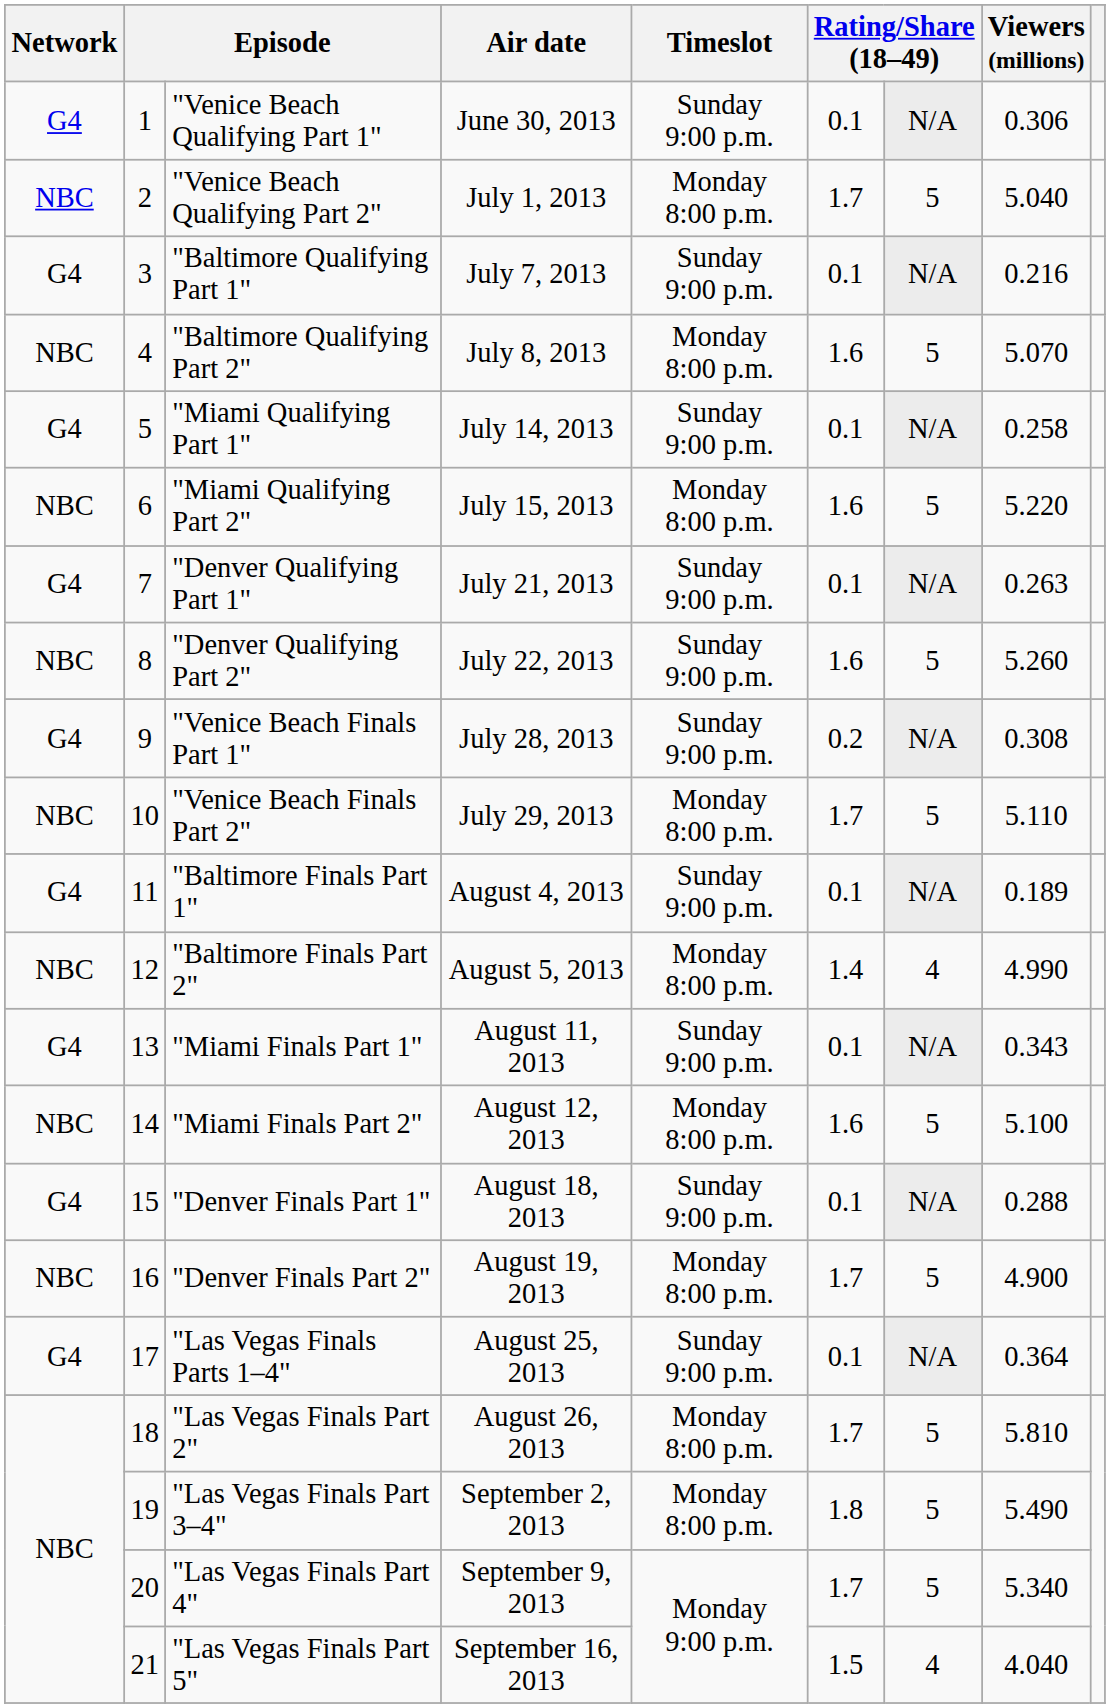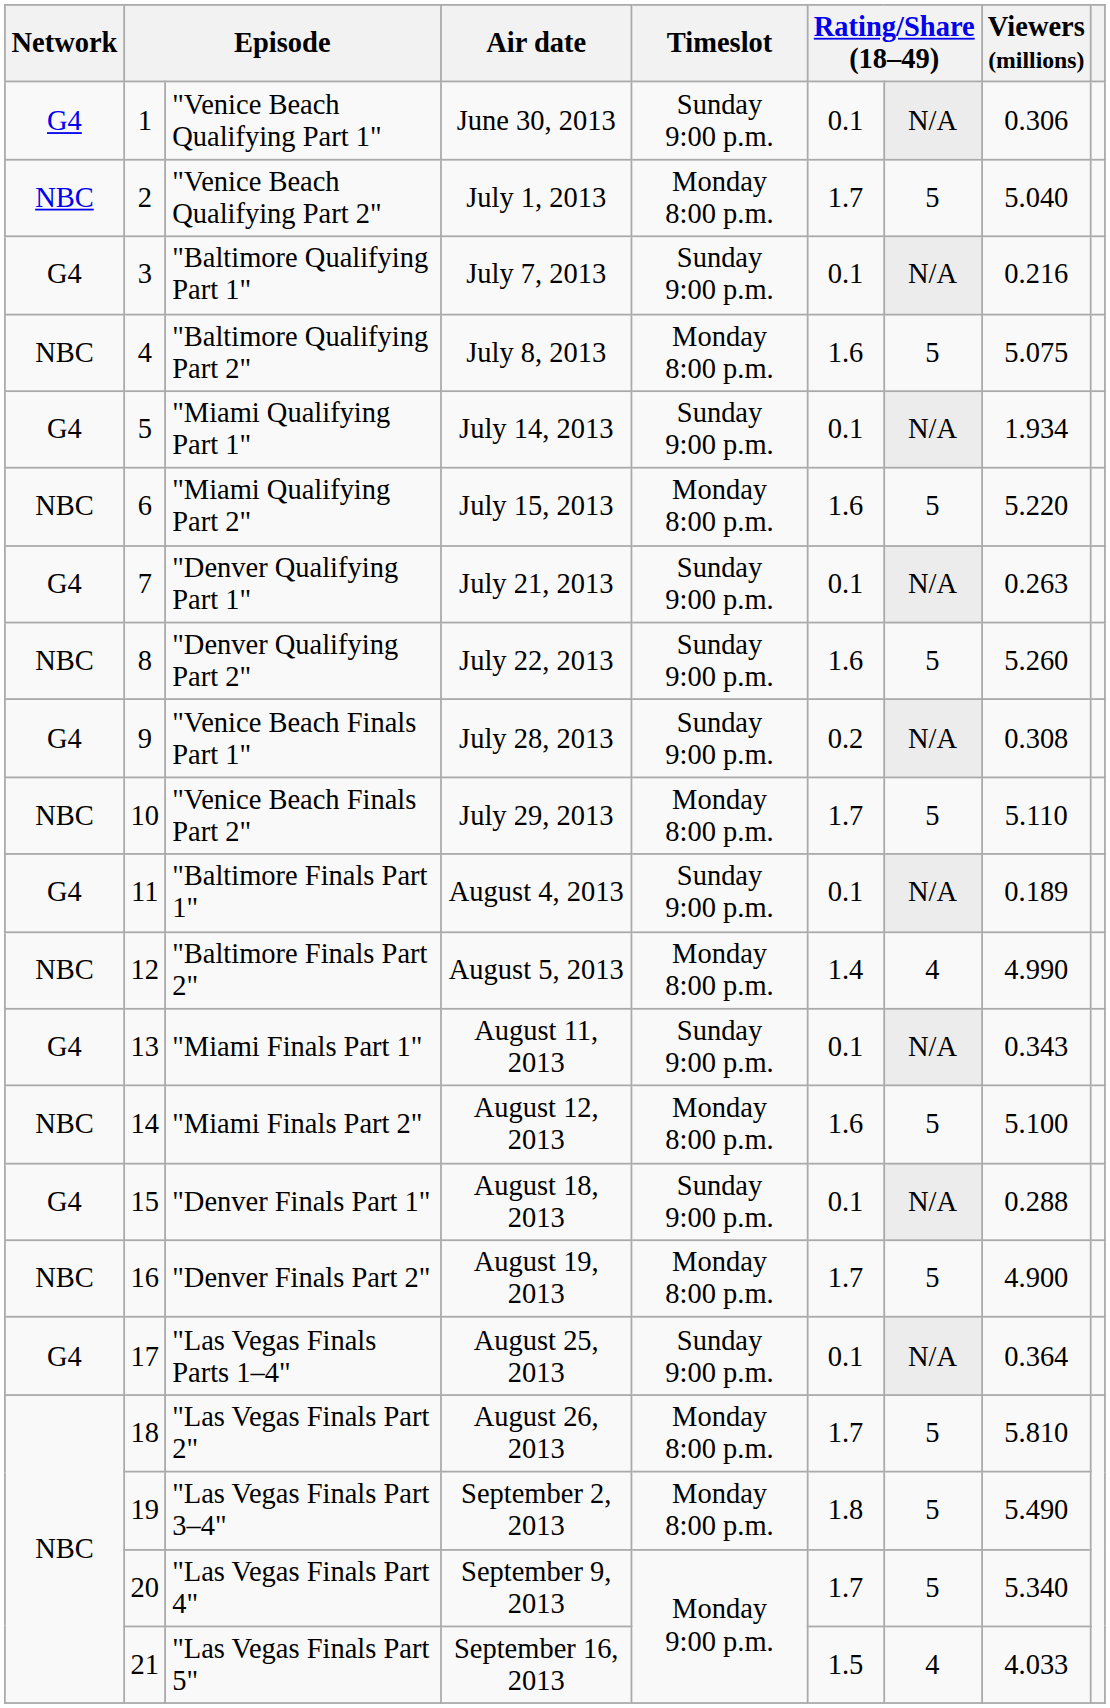 <table class="wikitable" style="text-align:center; width: 70%">
 <tr>
 <th>Network</th>
 <th colspan="2">Episode</th>
 <th>Air date</th>
 <th>Timeslot</th>
 <th colspan=2><a href='#'>Rating/Share</a><br>(18–49)</th>
 <th>Viewers<br><small>(millions)</small></th>
 <th></th>
 </tr>
 <tr>
 <td><a href='#'>G4</a></td>
 <td>1</td>
 <td style="text-align:left;">"Venice Beach Qualifying Part 1"</td>
 <td>June 30, 2013</td>
 <td>Sunday 9:00 p.m.</td>
 <td>0.1</td>
 <td style="background:#ECECEC;">N/A</td>
 <td>0.306</td>
 <td></td>
 </tr>
 <tr>
 <td><a href='#'>NBC</a></td>
 <td>2</td>
 <td style="text-align:left;">"Venice Beach Qualifying Part 2"</td>
 <td>July 1, 2013</td>
 <td>Monday 8:00 p.m.</td>
 <td>1.7</td>
 <td>5</td>
 <td>5.040</td>
 <td></td>
 </tr>
 <tr>
 <td>G4</td>
 <td>3</td>
 <td style="text-align:left;">"Baltimore Qualifying Part 1"</td>
 <td>July 7, 2013</td>
 <td>Sunday 9:00 p.m.</td>
 <td>0.1</td>
 <td style="background:#ECECEC;">N/A</td>
 <td>0.216</td>
 <td></td>
 </tr>
 <tr>
 <td>NBC</td>
 <td>4</td>
 <td style="text-align:left;">"Baltimore Qualifying Part 2"</td>
 <td>July 8, 2013</td>
 <td>Monday 8:00 p.m.</td>
 <td>1.6</td>
 <td>5</td>
-<td>5.070</td>
+<td>5.075</td>
 <td></td>
 </tr>
 <tr>
 <td>G4</td>
 <td>5</td>
 <td style="text-align:left;">"Miami Qualifying Part 1"</td>
 <td>July 14, 2013</td>
 <td>Sunday 9:00 p.m.</td>
 <td>0.1</td>
 <td style="background:#ECECEC;">N/A</td>
-<td>0.258</td>
+<td>1.934</td>
 <td></td>
 </tr>
 <tr>
 <td>NBC</td>
 <td>6</td>
 <td style="text-align:left;">"Miami Qualifying Part 2"</td>
 <td>July 15, 2013</td>
 <td>Monday 8:00 p.m.</td>
 <td>1.6</td>
 <td>5</td>
 <td>5.220</td>
 <td></td>
 </tr>
 <tr>
 <td>G4</td>
 <td>7</td>
 <td style="text-align:left;">"Denver Qualifying Part 1"</td>
 <td>July 21, 2013</td>
 <td>Sunday 9:00 p.m.</td>
 <td>0.1</td>
 <td style="background:#ECECEC;">N/A</td>
 <td>0.263</td>
 <td></td>
 </tr>
 <tr>
 <td>NBC</td>
 <td>8</td>
 <td style="text-align:left;">"Denver Qualifying Part 2"</td>
 <td>July 22, 2013</td>
 <td>Sunday 9:00 p.m.</td>
 <td>1.6</td>
 <td>5</td>
 <td>5.260</td>
 <td></td>
 </tr>
 <tr>
 <td>G4</td>
 <td>9</td>
 <td style="text-align:left;">"Venice Beach Finals Part 1"</td>
 <td>July 28, 2013</td>
 <td>Sunday 9:00 p.m.</td>
 <td>0.2</td>
 <td style="background:#ECECEC;">N/A</td>
 <td>0.308</td>
 <td></td>
 </tr>
 <tr>
 <td>NBC</td>
 <td>10</td>
 <td style="text-align:left;">"Venice Beach Finals Part 2"</td>
 <td>July 29, 2013</td>
 <td>Monday 8:00 p.m.</td>
 <td>1.7</td>
 <td>5</td>
 <td>5.110</td>
 <td></td>
 </tr>
 <tr>
 <td>G4</td>
 <td>11</td>
 <td style="text-align:left;">"Baltimore Finals Part 1"</td>
 <td>August 4, 2013</td>
 <td>Sunday 9:00 p.m.</td>
 <td>0.1</td>
 <td style="background:#ECECEC;">N/A</td>
 <td>0.189</td>
 <td></td>
 </tr>
 <tr>
 <td>NBC</td>
 <td>12</td>
 <td style="text-align:left;">"Baltimore Finals Part 2"</td>
 <td>August 5, 2013</td>
 <td>Monday 8:00 p.m.</td>
 <td>1.4</td>
 <td>4</td>
 <td>4.990</td>
 <td></td>
 </tr>
 <tr>
 <td>G4</td>
 <td>13</td>
 <td style="text-align:left;">"Miami Finals Part 1"</td>
 <td>August 11, 2013</td>
 <td>Sunday 9:00 p.m.</td>
 <td>0.1</td>
 <td style="background:#ECECEC;">N/A</td>
 <td>0.343</td>
 <td></td>
 </tr>
 <tr>
 <td>NBC</td>
 <td>14</td>
 <td style="text-align:left;">"Miami Finals Part 2"</td>
 <td>August 12, 2013</td>
 <td>Monday 8:00 p.m.</td>
 <td>1.6</td>
 <td>5</td>
 <td>5.100</td>
 <td></td>
 </tr>
 <tr>
 <td>G4</td>
 <td>15</td>
 <td style="text-align:left;">"Denver Finals Part 1"</td>
 <td>August 18, 2013</td>
 <td>Sunday 9:00 p.m.</td>
 <td>0.1</td>
 <td style="background:#ECECEC;">N/A</td>
 <td>0.288</td>
 <td></td>
 </tr>
 <tr>
 <td>NBC</td>
 <td>16</td>
 <td style="text-align:left;">"Denver Finals Part 2"</td>
 <td>August 19, 2013</td>
 <td>Monday 8:00 p.m.</td>
 <td>1.7</td>
 <td>5</td>
 <td>4.900</td>
 <td></td>
 </tr>
 <tr>
 <td>G4</td>
 <td>17</td>
 <td style="text-align:left;">"Las Vegas Finals Parts 1–4"</td>
 <td>August 25, 2013</td>
 <td>Sunday 9:00 p.m.</td>
 <td>0.1</td>
 <td style="background:#ECECEC;">N/A</td>
 <td>0.364</td>
 <td></td>
 </tr>
 <tr>
 <td rowspan="4">NBC</td>
 <td>18</td>
 <td style="text-align:left;">"Las Vegas Finals Part 2"</td>
 <td>August 26, 2013</td>
 <td>Monday 8:00 p.m.</td>
 <td>1.7</td>
 <td>5</td>
 <td>5.810</td>
 <td rowspan="4"></td>
 </tr>
 <tr>
 <td>19</td>
 <td style="text-align:left;">"Las Vegas Finals Part 3–4"</td>
 <td>September 2, 2013</td>
 <td>Monday 8:00 p.m.</td>
 <td>1.8</td>
 <td>5</td>
 <td>5.490</td>
 </tr>
 <tr>
 <td>20</td>
 <td style="text-align:left;">"Las Vegas Finals Part 4"</td>
 <td>September 9, 2013</td>
 <td rowspan="2">Monday 9:00 p.m.</td>
 <td>1.7</td>
 <td>5</td>
 <td>5.340</td>
 </tr>
 <tr>
 <td>21</td>
 <td style="text-align:left;">"Las Vegas Finals Part 5"</td>
 <td>September 16, 2013</td>
 <td>1.5</td>
 <td>4</td>
-<td>4.040</td>
+<td>4.033</td>
 </tr>
 </table>
